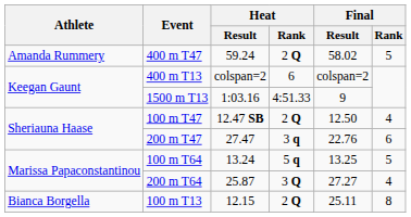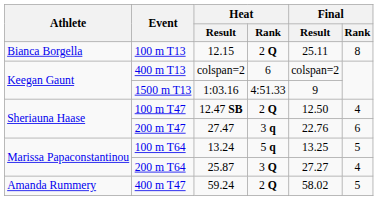 <table class="wikitable" style="font-size:90%">
 <tr>
 <th rowspan="2">Athlete</th>
 <th rowspan="2">Event</th>
 <th colspan="2">Heat</th>
 <th colspan="2">Final</th>
 </tr>
 <tr style="font-size:95%">
 <th>Result</th>
 <th>Rank</th>
 <th>Result</th>
 <th>Rank</th>
 </tr>
 <tr align=center>
-<td align=left><a href='#'>Amanda Rummery</a></td>
-<td align=left><a href='#'>400 m T47</a></td>
-<td>59.24</td>
+<td align=left><a href='#'>Bianca Borgella</a></td>
+<td align=left><a href='#'>100 m T13</a></td>
+<td>12.15</td>
 <td>2 <strong>Q</strong></td>
-<td>58.02</td>
-<td>5</td>
+<td>25.11</td>
+<td>8</td>
 </tr>
 <tr align=center>
 <td align=left rowspan=2><a href='#'>Keegan Gaunt</a></td>
 <td align=left><a href='#'>400 m T13</a></td>
 <td>colspan=2 </td>
 <td>6</td>
 <td>colspan=2 </td>
 </tr>
 <tr align=center>
 <td align=left><a href='#'>1500 m T13</a></td>
 <td>1:03.16</td>
 <td>4:51.33</td>
 <td>9</td>
 </tr>
 <tr align=center>
 <td align=left rowspan=2><a href='#'>Sheriauna Haase</a></td>
 <td align=left><a href='#'>100 m T47</a></td>
 <td>12.47 <strong>SB</strong></td>
 <td>2 <strong>Q</strong></td>
 <td>12.50</td>
 <td>4</td>
 </tr>
 <tr align=center>
 <td align=left><a href='#'>200 m T47</a></td>
 <td>27.47</td>
 <td>3 <strong>q</strong></td>
 <td>22.76</td>
 <td>6</td>
 </tr>
 <tr align=center>
 <td align=left rowspan=2><a href='#'>Marissa Papaconstantinou</a></td>
 <td align=left><a href='#'>100 m T64</a></td>
 <td>13.24</td>
 <td>5 <strong>q</strong></td>
 <td>13.25</td>
 <td>5</td>
 </tr>
 <tr align=center>
 <td align=left><a href='#'>200 m T64</a></td>
 <td>25.87</td>
 <td>3 <strong>Q</strong></td>
 <td>27.27</td>
 <td>4</td>
 </tr>
 <tr align=center>
-<td align=left><a href='#'>Bianca Borgella</a></td>
-<td align=left><a href='#'>100 m T13</a></td>
-<td>12.15</td>
+<td align=left><a href='#'>Amanda Rummery</a></td>
+<td align=left><a href='#'>400 m T47</a></td>
+<td>59.24</td>
 <td>2 <strong>Q</strong></td>
-<td>25.11</td>
-<td>8</td>
+<td>58.02</td>
+<td>5</td>
 </tr>
 </table>
